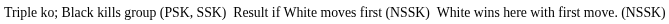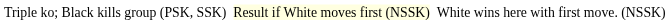 <table border="0" cellspacing="0" cellpadding="0">
 <tr valign="top">
 <td><br></td>
 <td>  </td>
 <td><br></td>
 <td>  </td>
 <td><br></td>
 </tr>
 <tr valign="top">
 <td>Triple ko; Black kills group (PSK, SSK)</td>
 <td>  </td>
-<td>Result if White moves first (NSSK)</td>
+<td style="background: lightyellow;">Result if White moves first (NSSK)</td>
 <td>  </td>
 <td>White wins here with first move. (NSSK)</td>
 </tr>
 </table>
